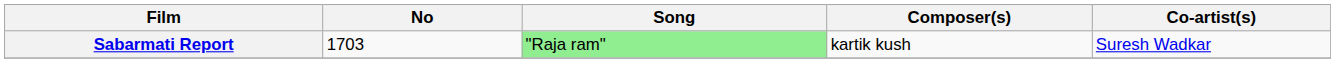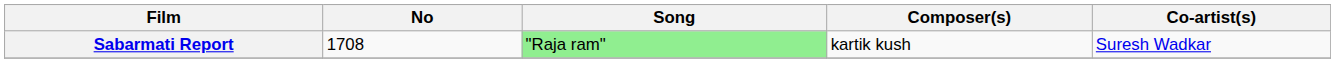 <table class="wikitable plainrowheaders" style="width:100%; textcolor:#000">
 <tr>
 <th scope="col" style="width:24%;">Film</th>
 <th>No</th>
 <th scope="col" style="width:23%;">Song</th>
 <th scope="col" style="width:20%;">Composer(s)</th>
 <th scope="col" style="width:18%;">Co-artist(s)</th>
 </tr>
 <tr>
 <th><a href='#'>Sabarmati Report</a></th>
-<td>1703</td>
+<td>1708</td>
 <td style="background: lightgreen;">"Raja ram"</td>
 <td>kartik kush</td>
 <td><a href='#'>Suresh Wadkar</a></td>
 </tr>
 <tr>
 </tr>
 </table>
